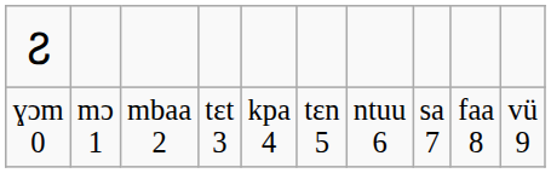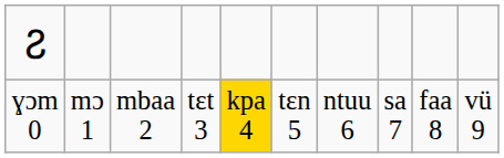 <table class="wikitable Unicode" style="border-collapse:collapse;text-align:center;">
 <tr style="font-size:x-large;">
 <td>ꛯ</td>
 <td></td>
 <td></td>
 <td></td>
 <td></td>
 <td></td>
 <td></td>
 <td></td>
 <td></td>
 <td></td>
 </tr>
 <tr>
 <td>ɣɔm<br>0</td>
 <td>mɔ<br>1</td>
 <td>mbaa<br>2</td>
 <td>tɛt<br>3</td>
-<td>kpa<br>4</td>
+<td style="background: gold;">kpa<br>4</td>
 <td>tɛn<br>5</td>
 <td>ntuu<br>6</td>
 <td>sa<br>7</td>
 <td>faa<br>8</td>
 <td>vü<br>9</td>
 </tr>
 </table>
